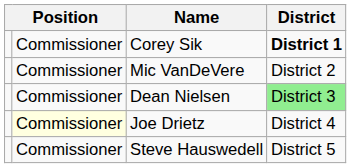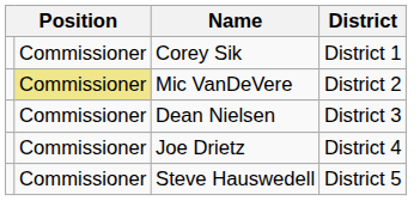 <table class="wikitable">
 <tr>
 <th colspan="2">Position</th>
 <th>Name</th>
 <th>District</th>
 </tr>
 <tr>
 <td></td>
 <td>Commissioner</td>
 <td>Corey Sik</td>
-<td><strong>District 1</strong></td>
+<td>District 1</td>
 </tr>
 <tr>
 <td></td>
-<td>Commissioner</td>
+<td style="background: khaki;">Commissioner</td>
 <td>Mic VanDeVere</td>
 <td>District 2</td>
 </tr>
 <tr>
 <td></td>
 <td>Commissioner</td>
 <td>Dean Nielsen</td>
-<td style="background: lightgreen;">District 3</td>
+<td>District 3</td>
 </tr>
 <tr>
 <td></td>
-<td style="background: lightyellow;">Commissioner</td>
+<td>Commissioner</td>
 <td>Joe Drietz</td>
 <td>District 4</td>
 </tr>
 <tr>
 <td></td>
 <td>Commissioner</td>
 <td>Steve Hauswedell</td>
 <td>District 5</td>
 </tr>
 </table>
